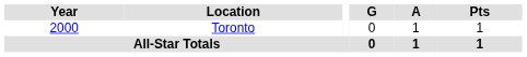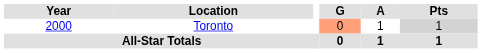 <table border="0" cellpadding="1" cellspacing="0" style="text-align:center; width:40em">
 <tr bgcolor="#e0e0e0">
 <th>Year</th>
 <th>Location</th>
 <th rowspan="99" bgcolor="#ffffff"></th>
 <th>G</th>
 <th>A</th>
 <th>Pts</th>
 </tr>
 <tr>
 <td><a href='#'>2000</a></td>
 <td><a href='#'>Toronto</a></td>
-<td>0</td>
+<td style="background: lightsalmon;">0</td>
 <td>1</td>
-<td>1</td>
+<td style="background: lightgrey;">1</td>
 </tr>
 <tr bgcolor="#e0e0e0">
 <th colspan=3>All-Star Totals</th>
 <th>0</th>
 <th>1</th>
 <th>1</th>
 </tr>
 </table>
